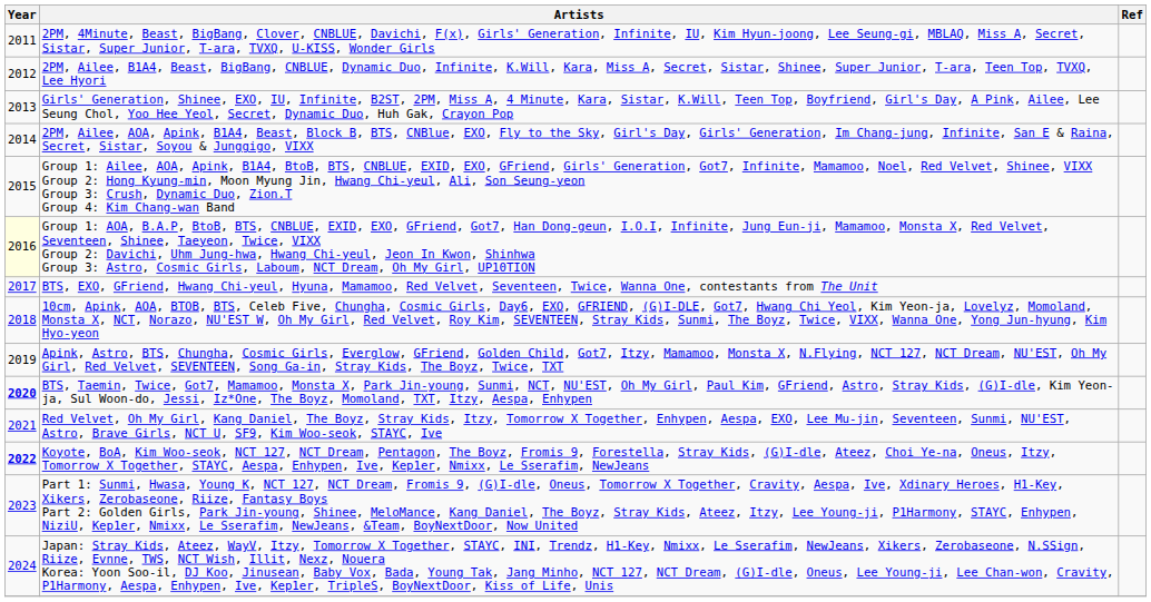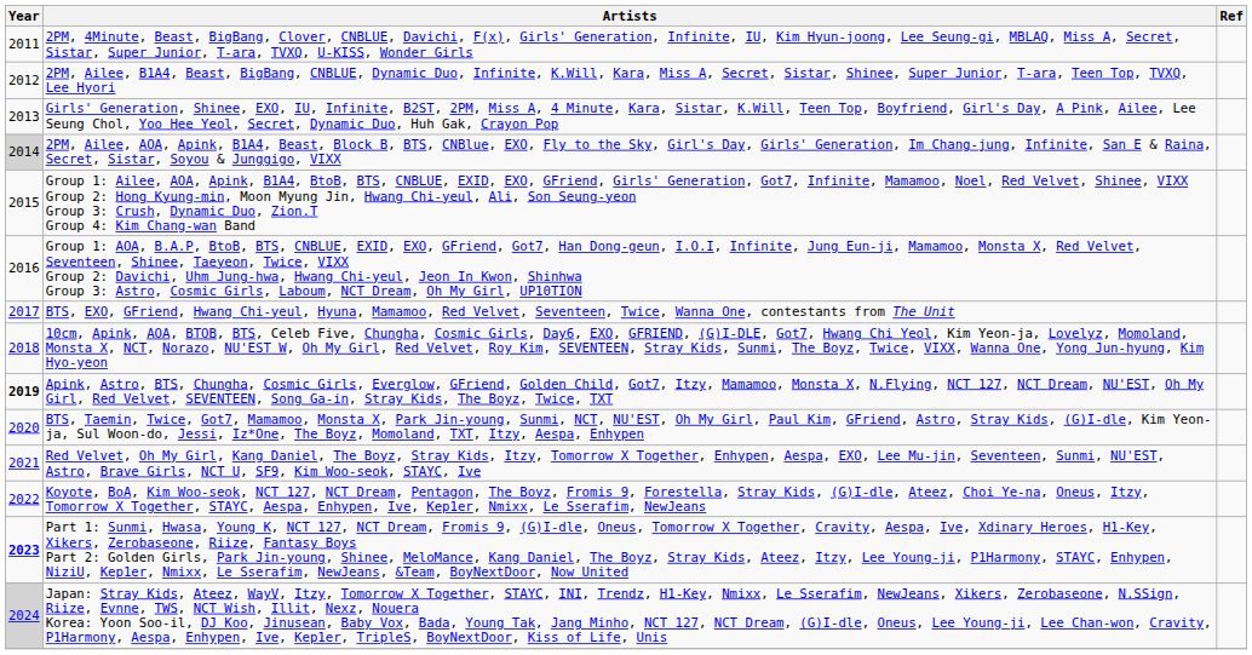 <table class="wikitable">
 <tr>
 <th>Year</th>
 <th>Artists</th>
 <th>Ref</th>
 </tr>
 <tr>
 <td>2011</td>
 <td><a href='#'>2PM</a>, <a href='#'>4Minute</a>, <a href='#'>Beast</a>, <a href='#'>BigBang</a>, <a href='#'>Clover</a>, <a href='#'>CNBLUE</a>, <a href='#'>Davichi</a>, <a href='#'>F(x)</a>, <a href='#'>Girls' Generation</a>, <a href='#'>Infinite</a>, <a href='#'>IU</a>, <a href='#'>Kim Hyun-joong</a>, <a href='#'>Lee Seung-gi</a>, <a href='#'>MBLAQ</a>, <a href='#'>Miss A</a>, <a href='#'>Secret</a>, <a href='#'>Sistar</a>, <a href='#'>Super Junior</a>, <a href='#'>T-ara</a>, <a href='#'>TVXQ</a>, <a href='#'>U-KISS</a>, <a href='#'>Wonder Girls</a></td>
 <td></td>
 </tr>
 <tr>
 <td>2012</td>
 <td><a href='#'>2PM</a>, <a href='#'>Ailee</a>, <a href='#'>B1A4</a>, <a href='#'>Beast</a>, <a href='#'>BigBang</a>, <a href='#'>CNBLUE</a>, <a href='#'>Dynamic Duo</a>, <a href='#'>Infinite</a>, <a href='#'>K.Will</a>, <a href='#'>Kara</a>, <a href='#'>Miss A</a>, <a href='#'>Secret</a>, <a href='#'>Sistar</a>, <a href='#'>Shinee</a>, <a href='#'>Super Junior</a>, <a href='#'>T-ara</a>, <a href='#'>Teen Top</a>, <a href='#'>TVXQ</a>, <a href='#'>Lee Hyori</a></td>
 <td></td>
 </tr>
 <tr>
 <td>2013</td>
 <td><a href='#'>Girls' Generation</a>, <a href='#'>Shinee</a>, <a href='#'>EXO</a>, <a href='#'>IU</a>, <a href='#'>Infinite</a>, <a href='#'>B2ST</a>, <a href='#'>2PM</a>, <a href='#'>Miss A</a>, <a href='#'>4 Minute</a>, <a href='#'>Kara</a>, <a href='#'>Sistar</a>, <a href='#'>K.Will</a>, <a href='#'>Teen Top</a>, <a href='#'>Boyfriend</a>, <a href='#'>Girl's Day</a>, <a href='#'>A Pink</a>, <a href='#'>Ailee</a>, Lee Seung Chol, <a href='#'>Yoo Hee Yeol</a>, <a href='#'>Secret</a>, <a href='#'>Dynamic Duo</a>, Huh Gak, <a href='#'>Crayon Pop</a></td>
 <td></td>
 </tr>
 <tr>
-<td>2014</td>
+<td style="background: lightgrey;">2014</td>
 <td><a href='#'>2PM</a>, <a href='#'>Ailee</a>, <a href='#'>AOA</a>, <a href='#'>Apink</a>, <a href='#'>B1A4</a>, <a href='#'>Beast</a>, <a href='#'>Block B</a>, <a href='#'>BTS</a>, <a href='#'>CNBlue</a>, <a href='#'>EXO</a>, <a href='#'>Fly to the Sky</a>, <a href='#'>Girl's Day</a>, <a href='#'>Girls' Generation</a>, <a href='#'>Im Chang-jung</a>, <a href='#'>Infinite</a>, <a href='#'>San E</a> & <a href='#'>Raina</a>, <a href='#'>Secret</a>, <a href='#'>Sistar</a>, <a href='#'>Soyou</a> & <a href='#'>Junggigo</a>, <a href='#'>VIXX</a></td>
 <td></td>
 </tr>
 <tr>
 <td>2015</td>
 <td>Group 1: <a href='#'>Ailee</a>, <a href='#'>AOA</a>, <a href='#'>Apink</a>, <a href='#'>B1A4</a>, <a href='#'>BtoB</a>, <a href='#'>BTS</a>, <a href='#'>CNBLUE</a>, <a href='#'>EXID</a>, <a href='#'>EXO</a>, <a href='#'>GFriend</a>, <a href='#'>Girls' Generation</a>, <a href='#'>Got7</a>, <a href='#'>Infinite</a>, <a href='#'>Mamamoo</a>, <a href='#'>Noel</a>, <a href='#'>Red Velvet</a>, <a href='#'>Shinee</a>, <a href='#'>VIXX</a><br>Group 2: <a href='#'>Hong Kyung-min</a>, Moon Myung Jin, <a href='#'>Hwang Chi-yeul</a>, <a href='#'>Ali</a>, <a href='#'>Son Seung-yeon</a><br>Group 3: <a href='#'>Crush</a>, <a href='#'>Dynamic Duo</a>, <a href='#'>Zion.T</a><br>Group 4: <a href='#'>Kim Chang-wan</a> Band</td>
 <td></td>
 </tr>
 <tr>
-<td style="background: lightyellow;">2016</td>
+<td>2016</td>
 <td>Group 1: <a href='#'>AOA</a>, <a href='#'>B.A.P</a>, <a href='#'>BtoB</a>, <a href='#'>BTS</a>, <a href='#'>CNBLUE</a>, <a href='#'>EXID</a>, <a href='#'>EXO</a>, <a href='#'>GFriend</a>, <a href='#'>Got7</a>, <a href='#'>Han Dong-geun</a>, <a href='#'>I.O.I</a>, <a href='#'>Infinite</a>, <a href='#'>Jung Eun-ji</a>, <a href='#'>Mamamoo</a>, <a href='#'>Monsta X</a>, <a href='#'>Red Velvet</a>, <a href='#'>Seventeen</a>, <a href='#'>Shinee</a>, <a href='#'>Taeyeon</a>, <a href='#'>Twice</a>, <a href='#'>VIXX</a><br>Group 2: <a href='#'>Davichi</a>, <a href='#'>Uhm Jung-hwa</a>, <a href='#'>Hwang Chi-yeul</a>, <a href='#'>Jeon In Kwon</a>, <a href='#'>Shinhwa</a><br>Group 3: <a href='#'>Astro</a>, <a href='#'>Cosmic Girls</a>, <a href='#'>Laboum</a>, <a href='#'>NCT Dream</a>, <a href='#'>Oh My Girl</a>, <a href='#'>UP10TION</a></td>
 <td></td>
 </tr>
 <tr>
 <td><a href='#'>2017</a></td>
 <td><a href='#'>BTS</a>, <a href='#'>EXO</a>, <a href='#'>GFriend</a>, <a href='#'>Hwang Chi-yeul</a>, <a href='#'>Hyuna</a>, <a href='#'>Mamamoo</a>, <a href='#'>Red Velvet</a>, <a href='#'>Seventeen</a>, <a href='#'>Twice</a>, <a href='#'>Wanna One</a>, contestants from <em><a href='#'>The Unit</a></em></td>
 <td></td>
 </tr>
 <tr>
 <td><a href='#'>2018</a></td>
 <td><a href='#'>10cm</a>, <a href='#'>Apink</a>, <a href='#'>AOA</a>, <a href='#'>BTOB</a>, <a href='#'>BTS</a>, Celeb Five, <a href='#'>Chungha</a>, <a href='#'>Cosmic Girls</a>, <a href='#'>Day6</a>, <a href='#'>EXO</a>, <a href='#'>GFRIEND</a>, <a href='#'>(G)I-DLE</a>, <a href='#'>Got7</a>, <a href='#'>Hwang Chi Yeol</a>, Kim Yeon-ja, <a href='#'>Lovelyz</a>, <a href='#'>Momoland</a>, <a href='#'>Monsta X</a>, <a href='#'>NCT</a>, <a href='#'>Norazo</a>, <a href='#'>NU'EST W</a>, <a href='#'>Oh My Girl</a>, <a href='#'>Red Velvet</a>, <a href='#'>Roy Kim</a>, <a href='#'>SEVENTEEN</a>, <a href='#'>Stray Kids</a>, <a href='#'>Sunmi</a>, <a href='#'>The Boyz</a>, <a href='#'>Twice</a>, <a href='#'>VIXX</a>, <a href='#'>Wanna One</a>, <a href='#'>Yong Jun-hyung</a>, <a href='#'>Kim Hyo-yeon</a></td>
 <td></td>
 </tr>
 <tr>
-<td>2019</td>
+<td><strong>2019</strong></td>
 <td><a href='#'>Apink</a>, <a href='#'>Astro</a>, <a href='#'>BTS</a>, <a href='#'>Chungha</a>, <a href='#'>Cosmic Girls</a>, <a href='#'>Everglow</a>, <a href='#'>GFriend</a>, <a href='#'>Golden Child</a>, <a href='#'>Got7</a>, <a href='#'>Itzy</a>, <a href='#'>Mamamoo</a>, <a href='#'>Monsta X</a>, <a href='#'>N.Flying</a>, <a href='#'>NCT 127</a>, <a href='#'>NCT Dream</a>, <a href='#'>NU'EST</a>, <a href='#'>Oh My Girl</a>, <a href='#'>Red Velvet</a>, <a href='#'>SEVENTEEN</a>, <a href='#'>Song Ga-in</a>, <a href='#'>Stray Kids</a>, <a href='#'>The Boyz</a>, <a href='#'>Twice</a>, <a href='#'>TXT</a></td>
 <td></td>
 </tr>
 <tr>
-<td><strong><a href='#'>2020</a></strong></td>
+<td><a href='#'>2020</a></td>
 <td><a href='#'>BTS</a>, <a href='#'>Taemin</a>, <a href='#'>Twice</a>, <a href='#'>Got7</a>, <a href='#'>Mamamoo</a>, <a href='#'>Monsta X</a>, <a href='#'>Park Jin-young</a>, <a href='#'>Sunmi</a>, <a href='#'>NCT</a>, <a href='#'>NU'EST</a>, <a href='#'>Oh My Girl</a>, <a href='#'>Paul Kim</a>, <a href='#'>GFriend</a>, <a href='#'>Astro</a>, <a href='#'>Stray Kids</a>, <a href='#'>(G)I-dle</a>, Kim Yeon-ja, Sul Woon-do, <a href='#'>Jessi</a>, <a href='#'>Iz*One</a>, <a href='#'>The Boyz</a>, <a href='#'>Momoland</a>, <a href='#'>TXT</a>, <a href='#'>Itzy</a>, <a href='#'>Aespa</a>, <a href='#'>Enhypen</a></td>
 <td></td>
 </tr>
 <tr>
 <td><a href='#'>2021</a></td>
 <td><a href='#'>Red Velvet</a>, <a href='#'>Oh My Girl</a>, <a href='#'>Kang Daniel</a>, <a href='#'>The Boyz</a>, <a href='#'>Stray Kids</a>, <a href='#'>Itzy</a>, <a href='#'>Tomorrow X Together</a>, <a href='#'>Enhypen</a>, <a href='#'>Aespa</a>, <a href='#'>EXO</a>, <a href='#'>Lee Mu-jin</a>, <a href='#'>Seventeen</a>, <a href='#'>Sunmi</a>, <a href='#'>NU'EST</a>, <a href='#'>Astro</a>, <a href='#'>Brave Girls</a>, <a href='#'>NCT U</a>, <a href='#'>SF9</a>, <a href='#'>Kim Woo-seok</a>, <a href='#'>STAYC</a>, <a href='#'>Ive</a></td>
 <td></td>
 </tr>
 <tr>
-<td><strong><a href='#'>2022</a></strong></td>
+<td><a href='#'>2022</a></td>
 <td><a href='#'>Koyote</a>, <a href='#'>BoA</a>, <a href='#'>Kim Woo-seok</a>, <a href='#'>NCT 127</a>, <a href='#'>NCT Dream</a>, <a href='#'>Pentagon</a>, <a href='#'>The Boyz</a>, <a href='#'>Fromis 9</a>, <a href='#'>Forestella</a>, <a href='#'>Stray Kids</a>, <a href='#'>(G)I-dle</a>, <a href='#'>Ateez</a>, <a href='#'>Choi Ye-na</a>, <a href='#'>Oneus</a>, <a href='#'>Itzy</a>, <a href='#'>Tomorrow X Together</a>, <a href='#'>STAYC</a>, <a href='#'>Aespa</a>, <a href='#'>Enhypen</a>, <a href='#'>Ive</a>, <a href='#'>Kep1er</a>, <a href='#'>Nmixx</a>, <a href='#'>Le Sserafim</a>, <a href='#'>NewJeans</a></td>
 <td></td>
 </tr>
 <tr>
-<td><a href='#'>2023</a></td>
+<td><strong><a href='#'>2023</a></strong></td>
 <td>Part 1: <a href='#'>Sunmi</a>, <a href='#'>Hwasa</a>, <a href='#'>Young K</a>, <a href='#'>NCT 127</a>, <a href='#'>NCT Dream</a>, <a href='#'>Fromis 9</a>, <a href='#'>(G)I-dle</a>, <a href='#'>Oneus</a>, <a href='#'>Tomorrow X Together</a>, <a href='#'>Cravity</a>, <a href='#'>Aespa</a>, <a href='#'>Ive</a>, <a href='#'>Xdinary Heroes</a>, <a href='#'>H1-Key</a>, <a href='#'>Xikers</a>, <a href='#'>Zerobaseone</a>, <a href='#'>Riize</a>, <a href='#'>Fantasy Boys</a><br>Part 2: Golden Girls, <a href='#'>Park Jin-young</a>, <a href='#'>Shinee</a>, <a href='#'>MeloMance</a>, <a href='#'>Kang Daniel</a>, <a href='#'>The Boyz</a>, <a href='#'>Stray Kids</a>, <a href='#'>Ateez</a>, <a href='#'>Itzy</a>, <a href='#'>Lee Young-ji</a>, <a href='#'>P1Harmony</a>, <a href='#'>STAYC</a>, <a href='#'>Enhypen</a>, <a href='#'>NiziU</a>, <a href='#'>Kep1er</a>, <a href='#'>Nmixx</a>, <a href='#'>Le Sserafim</a>, <a href='#'>NewJeans</a>, <a href='#'>&Team</a>, <a href='#'>BoyNextDoor</a>, <a href='#'>Now United</a></td>
 <td></td>
 </tr>
 <tr>
-<td><a href='#'>2024</a></td>
+<td style="background: lightgrey;"><a href='#'>2024</a></td>
 <td>Japan: <a href='#'>Stray Kids</a>, <a href='#'>Ateez</a>, <a href='#'>WayV</a>, <a href='#'>Itzy</a>, <a href='#'>Tomorrow X Together</a>, <a href='#'>STAYC</a>, <a href='#'>INI</a>, <a href='#'>Trendz</a>, <a href='#'>H1-Key</a>, <a href='#'>Nmixx</a>, <a href='#'>Le Sserafim</a>, <a href='#'>NewJeans</a>, <a href='#'>Xikers</a>, <a href='#'>Zerobaseone</a>, <a href='#'>N.SSign</a>, <a href='#'>Riize</a>, <a href='#'>Evnne</a>, <a href='#'>TWS</a>, <a href='#'>NCT Wish</a>, <a href='#'>Illit</a>, <a href='#'>Nexz</a>, <a href='#'>Nouera</a><br>Korea: Yoon Soo-il, <a href='#'>DJ Koo</a>, <a href='#'>Jinusean</a>, <a href='#'>Baby Vox</a>, <a href='#'>Bada</a>, <a href='#'>Young Tak</a>, <a href='#'>Jang Minho</a>, <a href='#'>NCT 127</a>, <a href='#'>NCT Dream</a>, <a href='#'>(G)I-dle</a>, <a href='#'>Oneus</a>, <a href='#'>Lee Young-ji</a>, <a href='#'>Lee Chan-won</a>, <a href='#'>Cravity</a>, <a href='#'>P1Harmony</a>, <a href='#'>Aespa</a>, <a href='#'>Enhypen</a>, <a href='#'>Ive</a>, <a href='#'>Kep1er</a>, <a href='#'>TripleS</a>, <a href='#'>BoyNextDoor</a>, <a href='#'>Kiss of Life</a>, <a href='#'>Unis</a></td>
 <td></td>
 </tr>
 <tr>
 </tr>
 </table>
